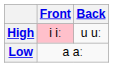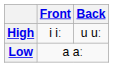 <table class="wikitable IPA" style="text-align:center">
 <tr>
 <th></th>
 <th><a href='#'>Front</a></th>
 <th><a href='#'>Back</a></th>
 </tr>
 <tr>
 <th><a href='#'>High</a></th>
-<td style="background: pink;">i iː</td>
+<td>i iː</td>
 <td>u uː</td>
 </tr>
 <tr>
 <th><a href='#'>Low</a></th>
 <td colspan="2">a aː</td>
 </tr>
 </table>
